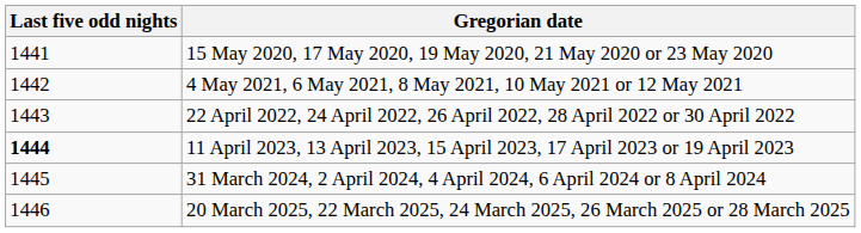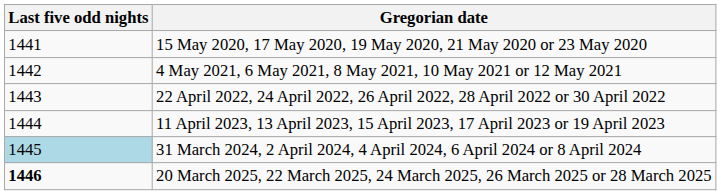 <table class="wikitable">
 <tr>
 <th>Last five odd nights</th>
 <th>Gregorian date</th>
 </tr>
 <tr>
 <td>1441</td>
 <td>15 May 2020, 17 May 2020, 19 May 2020, 21 May 2020 or 23 May 2020</td>
 </tr>
 <tr>
 <td>1442</td>
 <td>4 May 2021, 6 May 2021, 8 May 2021, 10 May 2021 or 12 May 2021</td>
 </tr>
 <tr>
 <td>1443</td>
 <td>22 April 2022, 24 April 2022, 26 April 2022, 28 April 2022 or 30 April 2022</td>
 </tr>
 <tr>
-<td><strong>1444</strong></td>
+<td>1444</td>
 <td>11 April 2023, 13 April 2023, 15 April 2023, 17 April 2023 or 19 April 2023</td>
 </tr>
 <tr>
-<td>1445</td>
+<td style="background: lightblue;">1445</td>
 <td>31 March 2024, 2 April 2024, 4 April 2024, 6 April 2024 or 8 April 2024</td>
 </tr>
 <tr>
-<td>1446</td>
+<td><strong>1446</strong></td>
 <td>20 March 2025, 22 March 2025, 24 March 2025, 26 March 2025 or 28 March 2025</td>
 </tr>
 </table>
